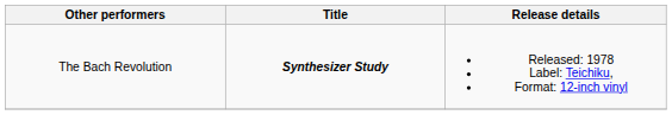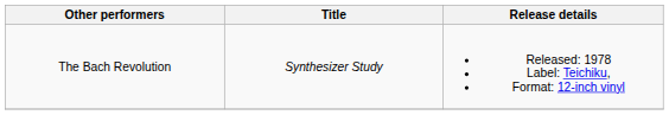 <table class="wikitable plainrowheaders" style="text-align:center;">
 <tr>
 <th scope="col" style="width:18em;">Other performers</th>
 <th scope="col" style="width:18em;">Title</th>
 <th scope="col" style="width:18em;">Release details</th>
 </tr>
 <tr>
 <td>The Bach Revolution<br></td>
-<td><strong><em>Synthesizer Study</em></strong></td>
+<td><em>Synthesizer Study</em></td>
 <td><br><ul><li>Released: 1978</li><li>Label: <a href='#'>Teichiku</a>, </li><li>Format: <a href='#'>12-inch vinyl</a></li></ul></td>
 </tr>
 <tr>
 </tr>
 </table>
